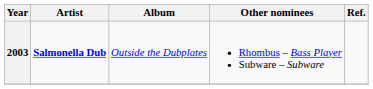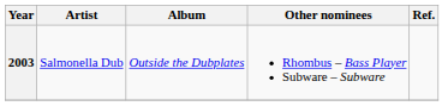 <table class="wikitable sortable">
 <tr>
 <th scope="col">Year</th>
 <th scope="col">Artist</th>
 <th scope="col">Album</th>
 <th scope="col" class=unsortable>Other nominees</th>
 <th scope="col" class=unsortable>Ref.</th>
 </tr>
 <tr>
 <th scope="row">2003</th>
-<td><strong><a href='#'>Salmonella Dub</a></strong></td>
+<td><a href='#'>Salmonella Dub</a></td>
 <td><em><a href='#'>Outside the Dubplates</a></em></td>
 <td><br><ul><li><a href='#'>Rhombus</a> – <em><a href='#'>Bass Player</a></em></li><li>Subware – <em>Subware</em></li></ul></td>
 <td align="center"></td>
 </tr>
 <tr>
 </tr>
 </table>
